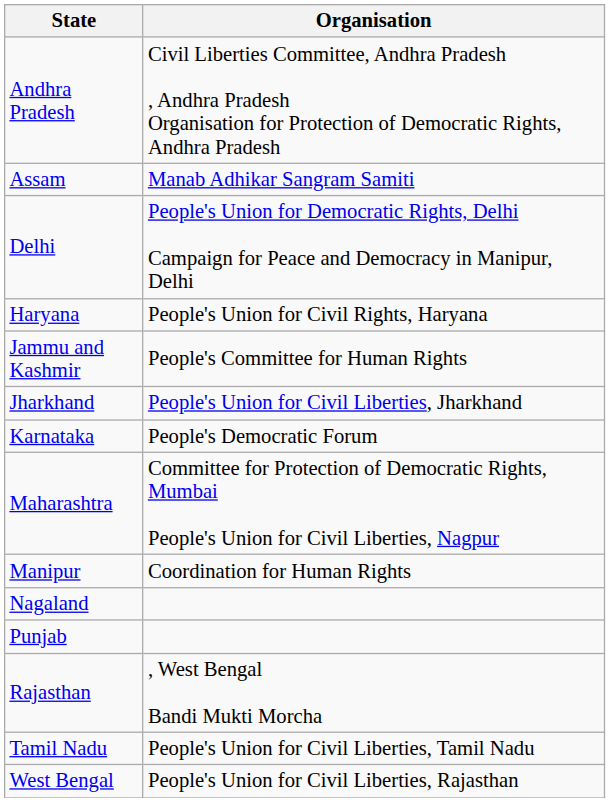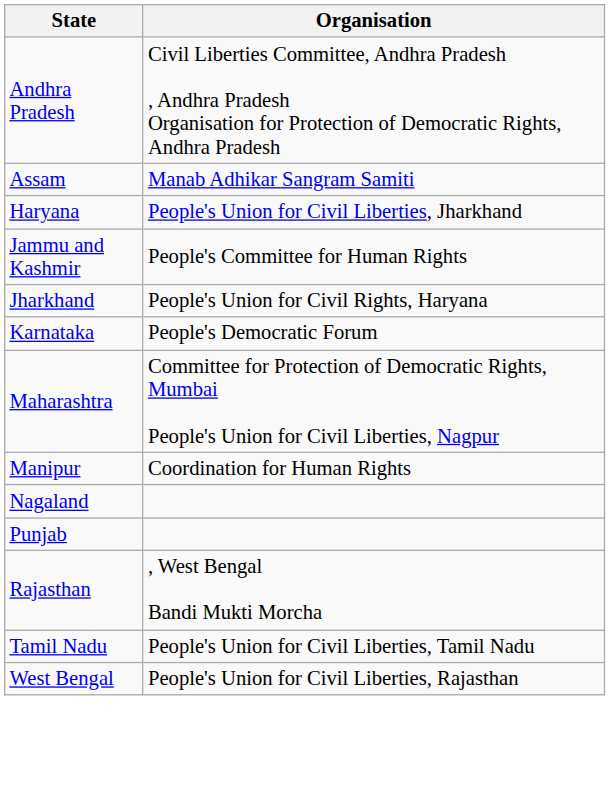 <table class="sortable wikitable" style="font-size:100%;">
 <tr>
 <th style="width:100px;">State</th>
 <th style="width:350px;">Organisation</th>
 </tr>
 <tr>
 <td><a href='#'>Andhra Pradesh</a></td>
 <td>Civil Liberties Committee, Andhra Pradesh <br><br>, Andhra Pradesh <br> Organisation for Protection of Democratic Rights, Andhra Pradesh</td>
 </tr>
 <tr>
 <td><a href='#'>Assam</a></td>
 <td><a href='#'>Manab Adhikar Sangram Samiti</a></td>
 </tr>
 <tr>
-<td><a href='#'>Delhi</a></td>
-<td><a href='#'>People's Union for Democratic Rights, Delhi</a> <br><br>Campaign for Peace and Democracy in Manipur, Delhi</td>
-</tr>
-<tr>
 <td><a href='#'>Haryana</a></td>
-<td>People's Union for Civil Rights, Haryana</td>
+<td><a href='#'>People's Union for Civil Liberties</a>, Jharkhand</td>
 </tr>
 <tr>
 <td><a href='#'>Jammu and Kashmir</a></td>
 <td>People's Committee for Human Rights</td>
 </tr>
 <tr>
 <td><a href='#'>Jharkhand</a></td>
-<td><a href='#'>People's Union for Civil Liberties</a>, Jharkhand</td>
+<td>People's Union for Civil Rights, Haryana</td>
 </tr>
 <tr>
 <td><a href='#'>Karnataka</a></td>
 <td>People's Democratic Forum</td>
 </tr>
 <tr>
 <td><a href='#'>Maharashtra</a></td>
 <td>Committee for Protection of Democratic Rights, <a href='#'>Mumbai</a> <br><br>People's Union for Civil Liberties, <a href='#'>Nagpur</a></td>
 </tr>
 <tr>
 <td><a href='#'>Manipur</a></td>
 <td>Coordination for Human Rights</td>
 </tr>
 <tr>
 <td><a href='#'>Nagaland</a></td>
 <td></td>
 </tr>
 <tr>
 <td><a href='#'>Punjab</a></td>
 <td></td>
 </tr>
 <tr>
 <td><a href='#'>Rajasthan</a></td>
 <td>, West Bengal <br><br>Bandi Mukti Morcha</td>
 </tr>
 <tr>
 <td><a href='#'>Tamil Nadu</a></td>
 <td>People's Union for Civil Liberties, Tamil Nadu</td>
 </tr>
 <tr>
 <td><a href='#'>West Bengal</a></td>
 <td>People's Union for Civil Liberties, Rajasthan</td>
 </tr>
 </table>
